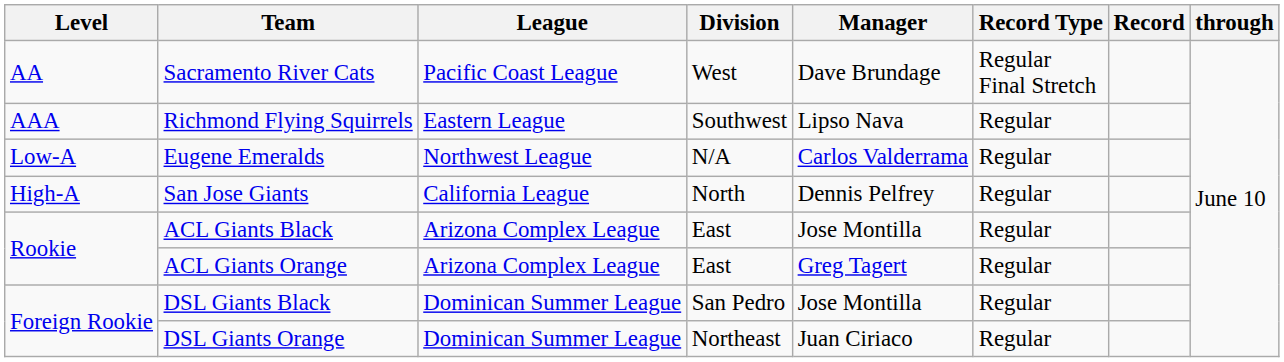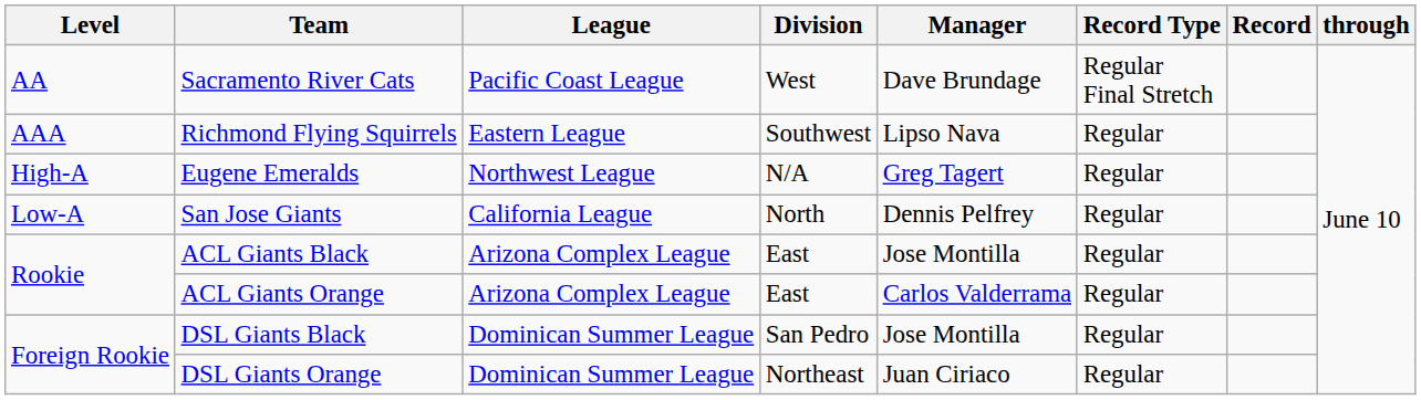 <table class="wikitable">
 <tr>
 <th>Level</th>
 <th>Team</th>
 <th>League</th>
 <th>Division</th>
 <th>Manager</th>
 <th>Record Type</th>
 <th>Record</th>
 <th>through</th>
 </tr>
 <tr>
 <td><a href='#'>AA</a></td>
 <td><a href='#'>Sacramento River Cats</a></td>
 <td><a href='#'>Pacific Coast League</a></td>
 <td>West</td>
 <td>Dave Brundage</td>
 <td>Regular <br> Final Stretch</td>
 <td><br></td>
 <td rowspan=8>June 10</td>
 </tr>
 <tr>
 <td><a href='#'>AAA</a></td>
 <td><a href='#'>Richmond Flying Squirrels</a></td>
 <td><a href='#'>Eastern League</a></td>
 <td>Southwest</td>
 <td>Lipso Nava</td>
 <td>Regular</td>
 <td></td>
 </tr>
 <tr>
-<td><a href='#'>Low-A</a></td>
+<td><a href='#'>High-A</a></td>
 <td><a href='#'>Eugene Emeralds</a></td>
 <td><a href='#'>Northwest League</a></td>
 <td>N/A</td>
-<td><a href='#'>Carlos Valderrama</a></td>
+<td><a href='#'>Greg Tagert</a></td>
 <td>Regular</td>
 <td></td>
 </tr>
 <tr>
-<td><a href='#'>High-A</a></td>
+<td><a href='#'>Low-A</a></td>
 <td><a href='#'>San Jose Giants</a></td>
 <td><a href='#'>California League</a></td>
 <td>North</td>
 <td>Dennis Pelfrey</td>
 <td>Regular</td>
 <td></td>
 </tr>
 <tr>
 <td rowspan=2><a href='#'>Rookie</a></td>
 <td><a href='#'>ACL Giants Black</a></td>
 <td><a href='#'>Arizona Complex League</a></td>
 <td>East</td>
 <td>Jose Montilla</td>
 <td>Regular</td>
 <td></td>
 </tr>
 <tr>
 <td><a href='#'>ACL Giants Orange</a></td>
 <td><a href='#'>Arizona Complex League</a></td>
 <td>East</td>
-<td><a href='#'>Greg Tagert</a></td>
+<td><a href='#'>Carlos Valderrama</a></td>
 <td>Regular</td>
 <td></td>
 </tr>
 <tr>
 <td rowspan=2><a href='#'>Foreign Rookie</a></td>
 <td><a href='#'>DSL Giants Black</a></td>
 <td><a href='#'>Dominican Summer League</a></td>
 <td>San Pedro</td>
 <td>Jose Montilla</td>
 <td>Regular</td>
 <td></td>
 </tr>
 <tr>
 <td><a href='#'>DSL Giants Orange</a></td>
 <td><a href='#'>Dominican Summer League</a></td>
 <td>Northeast</td>
 <td>Juan Ciriaco</td>
 <td>Regular</td>
 <td></td>
 </tr>
 </table>
